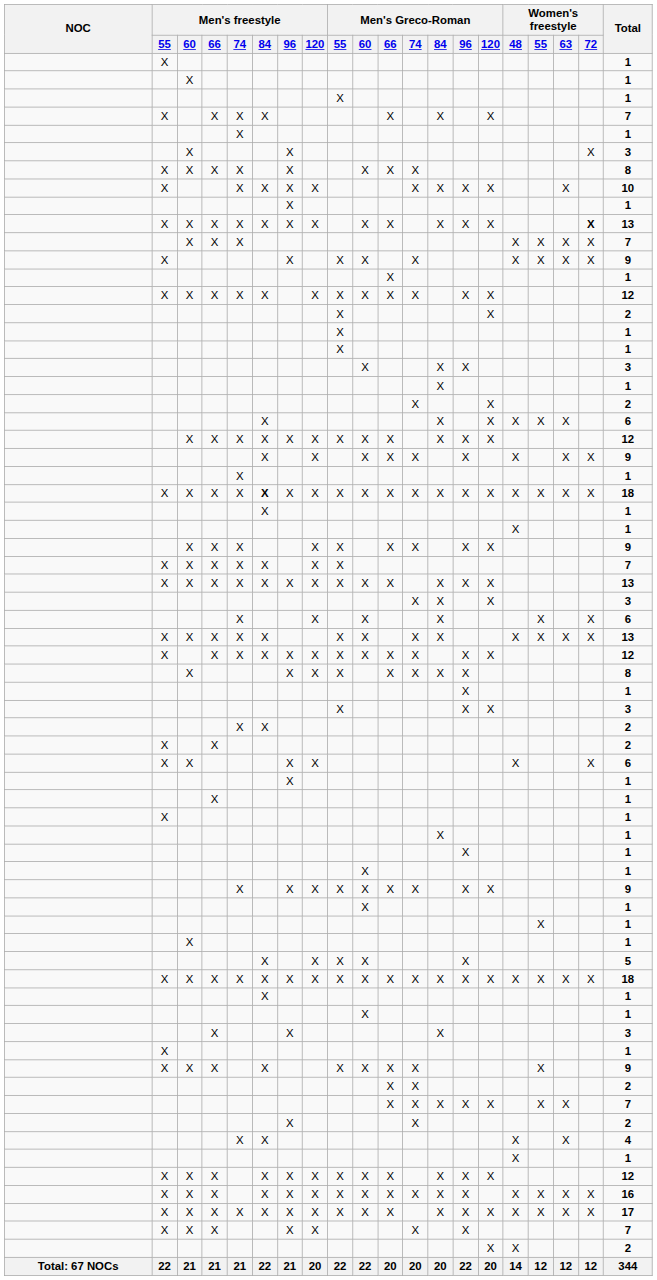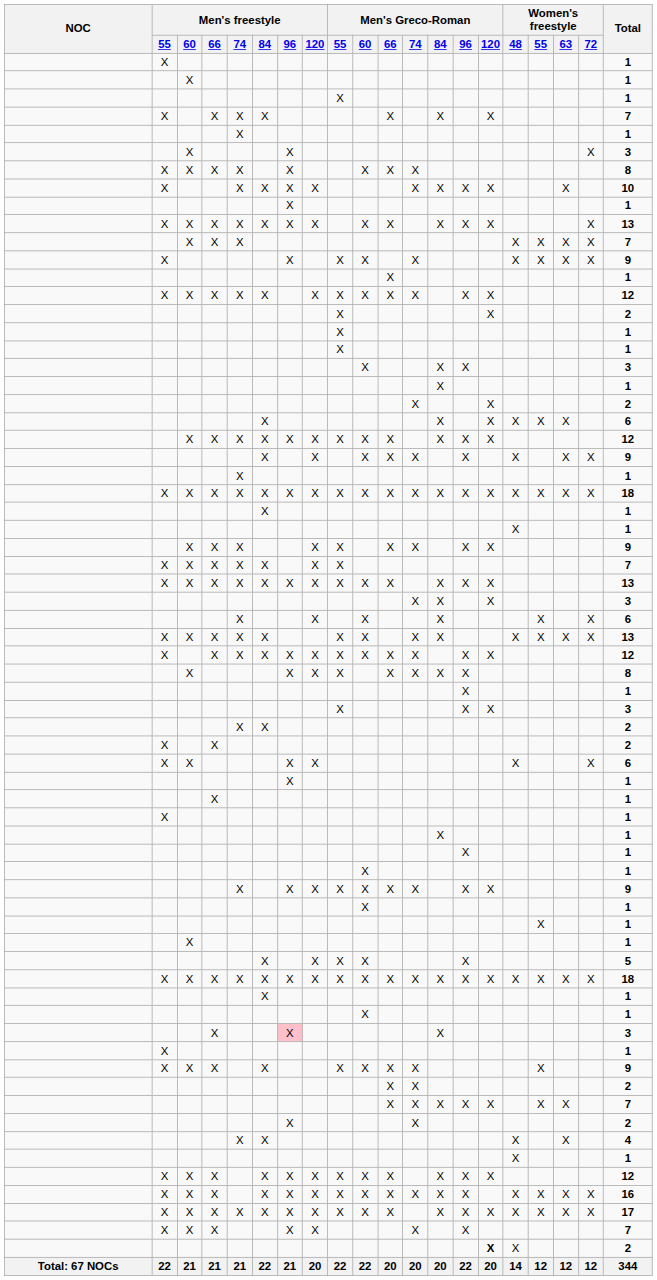 <table class="wikitable" style="text-align:center; font-size:90%">
 <tr>
 <th rowspan="2" width=180 align="left">NOC</th>
 <th colspan="7">Men's freestyle</th>
 <th colspan="7">Men's Greco-Roman</th>
 <th colspan=4>Women's freestyle</th>
 <th ! width=55 rowspan="2">Total</th>
 </tr>
 <tr>
 <th width=25><a href='#'>55</a></th>
 <th width=25><a href='#'>60</a></th>
 <th width=25><a href='#'>66</a></th>
 <th width=25><a href='#'>74</a></th>
 <th width=25><a href='#'>84</a></th>
 <th width=25><a href='#'>96</a></th>
 <th width=25><a href='#'>120</a></th>
 <th width=25><a href='#'>55</a></th>
 <th width=25><a href='#'>60</a></th>
 <th width=25><a href='#'>66</a></th>
 <th width=25><a href='#'>74</a></th>
 <th width=25><a href='#'>84</a></th>
 <th width=25><a href='#'>96</a></th>
 <th width=25><a href='#'>120</a></th>
 <th width=25><a href='#'>48</a></th>
 <th width=25><a href='#'>55</a></th>
 <th width=25><a href='#'>63</a></th>
 <th width=25><a href='#'>72</a></th>
 </tr>
 <tr>
 <td align=left></td>
 <td>X</td>
 <td></td>
 <td></td>
 <td></td>
 <td></td>
 <td></td>
 <td></td>
 <td></td>
 <td></td>
 <td></td>
 <td></td>
 <td></td>
 <td></td>
 <td></td>
 <td></td>
 <td></td>
 <td></td>
 <td></td>
 <td><strong>1</strong></td>
 </tr>
 <tr>
 <td align=left></td>
 <td></td>
 <td>X</td>
 <td></td>
 <td></td>
 <td></td>
 <td></td>
 <td></td>
 <td></td>
 <td></td>
 <td></td>
 <td></td>
 <td></td>
 <td></td>
 <td></td>
 <td></td>
 <td></td>
 <td></td>
 <td></td>
 <td><strong>1</strong></td>
 </tr>
 <tr>
 <td align=left></td>
 <td></td>
 <td></td>
 <td></td>
 <td></td>
 <td></td>
 <td></td>
 <td></td>
 <td>X</td>
 <td></td>
 <td></td>
 <td></td>
 <td></td>
 <td></td>
 <td></td>
 <td></td>
 <td></td>
 <td></td>
 <td></td>
 <td><strong>1</strong></td>
 </tr>
 <tr>
 <td align=left></td>
 <td>X</td>
 <td></td>
 <td>X</td>
 <td>X</td>
 <td>X</td>
 <td></td>
 <td></td>
 <td></td>
 <td></td>
 <td>X</td>
 <td></td>
 <td>X</td>
 <td></td>
 <td>X</td>
 <td></td>
 <td></td>
 <td></td>
 <td></td>
 <td><strong>7</strong></td>
 </tr>
 <tr>
 <td align=left></td>
 <td></td>
 <td></td>
 <td></td>
 <td>X</td>
 <td></td>
 <td></td>
 <td></td>
 <td></td>
 <td></td>
 <td></td>
 <td></td>
 <td></td>
 <td></td>
 <td></td>
 <td></td>
 <td></td>
 <td></td>
 <td></td>
 <td><strong>1</strong></td>
 </tr>
 <tr>
 <td align=left></td>
 <td></td>
 <td>X</td>
 <td></td>
 <td></td>
 <td></td>
 <td>X</td>
 <td></td>
 <td></td>
 <td></td>
 <td></td>
 <td></td>
 <td></td>
 <td></td>
 <td></td>
 <td></td>
 <td></td>
 <td></td>
 <td>X</td>
 <td><strong>3</strong></td>
 </tr>
 <tr>
 <td align=left></td>
 <td>X</td>
 <td>X</td>
 <td>X</td>
 <td>X</td>
 <td></td>
 <td>X</td>
 <td></td>
 <td></td>
 <td>X</td>
 <td>X</td>
 <td>X</td>
 <td></td>
 <td></td>
 <td></td>
 <td></td>
 <td></td>
 <td></td>
 <td></td>
 <td><strong>8</strong></td>
 </tr>
 <tr>
 <td align=left></td>
 <td>X</td>
 <td></td>
 <td></td>
 <td>X</td>
 <td>X</td>
 <td>X</td>
 <td>X</td>
 <td></td>
 <td></td>
 <td></td>
 <td>X</td>
 <td>X</td>
 <td>X</td>
 <td>X</td>
 <td></td>
 <td></td>
 <td>X</td>
 <td></td>
 <td><strong>10</strong></td>
 </tr>
 <tr>
 <td align=left></td>
 <td></td>
 <td></td>
 <td></td>
 <td></td>
 <td></td>
 <td>X</td>
 <td></td>
 <td></td>
 <td></td>
 <td></td>
 <td></td>
 <td></td>
 <td></td>
 <td></td>
 <td></td>
 <td></td>
 <td></td>
 <td></td>
 <td><strong>1</strong></td>
 </tr>
 <tr>
 <td align=left></td>
 <td>X</td>
 <td>X</td>
 <td>X</td>
 <td>X</td>
 <td>X</td>
 <td>X</td>
 <td>X</td>
 <td></td>
 <td>X</td>
 <td>X</td>
 <td></td>
 <td>X</td>
 <td>X</td>
 <td>X</td>
 <td></td>
 <td></td>
 <td></td>
-<td><strong>X</strong></td>
+<td>X</td>
 <td><strong>13</strong></td>
 </tr>
 <tr>
 <td align=left></td>
 <td></td>
 <td>X</td>
 <td>X</td>
 <td>X</td>
 <td></td>
 <td></td>
 <td></td>
 <td></td>
 <td></td>
 <td></td>
 <td></td>
 <td></td>
 <td></td>
 <td></td>
 <td>X</td>
 <td>X</td>
 <td>X</td>
 <td>X</td>
 <td><strong>7</strong></td>
 </tr>
 <tr>
 <td align=left></td>
 <td>X</td>
 <td></td>
 <td></td>
 <td></td>
 <td></td>
 <td>X</td>
 <td></td>
 <td>X</td>
 <td>X</td>
 <td></td>
 <td>X</td>
 <td></td>
 <td></td>
 <td></td>
 <td>X</td>
 <td>X</td>
 <td>X</td>
 <td>X</td>
 <td><strong>9</strong></td>
 </tr>
 <tr>
 <td align=left></td>
 <td></td>
 <td></td>
 <td></td>
 <td></td>
 <td></td>
 <td></td>
 <td></td>
 <td></td>
 <td></td>
 <td>X</td>
 <td></td>
 <td></td>
 <td></td>
 <td></td>
 <td></td>
 <td></td>
 <td></td>
 <td></td>
 <td><strong>1</strong></td>
 </tr>
 <tr>
 <td align=left></td>
 <td>X</td>
 <td>X</td>
 <td>X</td>
 <td>X</td>
 <td>X</td>
 <td></td>
 <td>X</td>
 <td>X</td>
 <td>X</td>
 <td>X</td>
 <td>X</td>
 <td></td>
 <td>X</td>
 <td>X</td>
 <td></td>
 <td></td>
 <td></td>
 <td></td>
 <td><strong>12</strong></td>
 </tr>
 <tr>
 <td align=left></td>
 <td></td>
 <td></td>
 <td></td>
 <td></td>
 <td></td>
 <td></td>
 <td></td>
 <td>X</td>
 <td></td>
 <td></td>
 <td></td>
 <td></td>
 <td></td>
 <td>X</td>
 <td></td>
 <td></td>
 <td></td>
 <td></td>
 <td><strong>2</strong></td>
 </tr>
 <tr>
 <td align=left></td>
 <td></td>
 <td></td>
 <td></td>
 <td></td>
 <td></td>
 <td></td>
 <td></td>
 <td>X</td>
 <td></td>
 <td></td>
 <td></td>
 <td></td>
 <td></td>
 <td></td>
 <td></td>
 <td></td>
 <td></td>
 <td></td>
 <td><strong>1</strong></td>
 </tr>
 <tr>
 <td align=left></td>
 <td></td>
 <td></td>
 <td></td>
 <td></td>
 <td></td>
 <td></td>
 <td></td>
 <td>X</td>
 <td></td>
 <td></td>
 <td></td>
 <td></td>
 <td></td>
 <td></td>
 <td></td>
 <td></td>
 <td></td>
 <td></td>
 <td><strong>1</strong></td>
 </tr>
 <tr>
 <td align=left></td>
 <td></td>
 <td></td>
 <td></td>
 <td></td>
 <td></td>
 <td></td>
 <td></td>
 <td></td>
 <td>X</td>
 <td></td>
 <td></td>
 <td>X</td>
 <td>X</td>
 <td></td>
 <td></td>
 <td></td>
 <td></td>
 <td></td>
 <td><strong>3</strong></td>
 </tr>
 <tr>
 <td align=left></td>
 <td></td>
 <td></td>
 <td></td>
 <td></td>
 <td></td>
 <td></td>
 <td></td>
 <td></td>
 <td></td>
 <td></td>
 <td></td>
 <td>X</td>
 <td></td>
 <td></td>
 <td></td>
 <td></td>
 <td></td>
 <td></td>
 <td><strong>1</strong></td>
 </tr>
 <tr>
 <td align=left></td>
 <td></td>
 <td></td>
 <td></td>
 <td></td>
 <td></td>
 <td></td>
 <td></td>
 <td></td>
 <td></td>
 <td></td>
 <td>X</td>
 <td></td>
 <td></td>
 <td>X</td>
 <td></td>
 <td></td>
 <td></td>
 <td></td>
 <td><strong>2</strong></td>
 </tr>
 <tr>
 <td align=left></td>
 <td></td>
 <td></td>
 <td></td>
 <td></td>
 <td>X</td>
 <td></td>
 <td></td>
 <td></td>
 <td></td>
 <td></td>
 <td></td>
 <td>X</td>
 <td></td>
 <td>X</td>
 <td>X</td>
 <td>X</td>
 <td>X</td>
 <td></td>
 <td><strong>6</strong></td>
 </tr>
 <tr>
 <td align=left></td>
 <td></td>
 <td>X</td>
 <td>X</td>
 <td>X</td>
 <td>X</td>
 <td>X</td>
 <td>X</td>
 <td>X</td>
 <td>X</td>
 <td>X</td>
 <td></td>
 <td>X</td>
 <td>X</td>
 <td>X</td>
 <td></td>
 <td></td>
 <td></td>
 <td></td>
 <td><strong>12</strong></td>
 </tr>
 <tr>
 <td align=left></td>
 <td></td>
 <td></td>
 <td></td>
 <td></td>
 <td>X</td>
 <td></td>
 <td>X</td>
 <td></td>
 <td>X</td>
 <td>X</td>
 <td>X</td>
 <td></td>
 <td>X</td>
 <td></td>
 <td>X</td>
 <td></td>
 <td>X</td>
 <td>X</td>
 <td><strong>9</strong></td>
 </tr>
 <tr>
 <td align=left></td>
 <td></td>
 <td></td>
 <td></td>
 <td>X</td>
 <td></td>
 <td></td>
 <td></td>
 <td></td>
 <td></td>
 <td></td>
 <td></td>
 <td></td>
 <td></td>
 <td></td>
 <td></td>
 <td></td>
 <td></td>
 <td></td>
 <td><strong>1</strong></td>
 </tr>
 <tr>
 <td align=left></td>
 <td>X</td>
 <td>X</td>
 <td>X</td>
 <td>X</td>
-<td><strong>X</strong></td>
+<td>X</td>
 <td>X</td>
 <td>X</td>
 <td>X</td>
 <td>X</td>
 <td>X</td>
 <td>X</td>
 <td>X</td>
 <td>X</td>
 <td>X</td>
 <td>X</td>
 <td>X</td>
 <td>X</td>
 <td>X</td>
 <td><strong>18</strong></td>
 </tr>
 <tr>
 <td align=left></td>
 <td></td>
 <td></td>
 <td></td>
 <td></td>
 <td>X</td>
 <td></td>
 <td></td>
 <td></td>
 <td></td>
 <td></td>
 <td></td>
 <td></td>
 <td></td>
 <td></td>
 <td></td>
 <td></td>
 <td></td>
 <td></td>
 <td><strong>1</strong></td>
 </tr>
 <tr>
 <td align=left></td>
 <td></td>
 <td></td>
 <td></td>
 <td></td>
 <td></td>
 <td></td>
 <td></td>
 <td></td>
 <td></td>
 <td></td>
 <td></td>
 <td></td>
 <td></td>
 <td></td>
 <td>X</td>
 <td></td>
 <td></td>
 <td></td>
 <td><strong>1</strong></td>
 </tr>
 <tr>
 <td align=left></td>
 <td></td>
 <td>X</td>
 <td>X</td>
 <td>X</td>
 <td></td>
 <td></td>
 <td>X</td>
 <td>X</td>
 <td></td>
 <td>X</td>
 <td>X</td>
 <td></td>
 <td>X</td>
 <td>X</td>
 <td></td>
 <td></td>
 <td></td>
 <td></td>
 <td><strong>9</strong></td>
 </tr>
 <tr>
 <td align=left></td>
 <td>X</td>
 <td>X</td>
 <td>X</td>
 <td>X</td>
 <td>X</td>
 <td></td>
 <td>X</td>
 <td>X</td>
 <td></td>
 <td></td>
 <td></td>
 <td></td>
 <td></td>
 <td></td>
 <td></td>
 <td></td>
 <td></td>
 <td></td>
 <td><strong>7</strong></td>
 </tr>
 <tr>
 <td align=left></td>
 <td>X</td>
 <td>X</td>
 <td>X</td>
 <td>X</td>
 <td>X</td>
 <td>X</td>
 <td>X</td>
 <td>X</td>
 <td>X</td>
 <td>X</td>
 <td></td>
 <td>X</td>
 <td>X</td>
 <td>X</td>
 <td></td>
 <td></td>
 <td></td>
 <td></td>
 <td><strong>13</strong></td>
 </tr>
 <tr>
 <td align=left></td>
 <td></td>
 <td></td>
 <td></td>
 <td></td>
 <td></td>
 <td></td>
 <td></td>
 <td></td>
 <td></td>
 <td></td>
 <td>X</td>
 <td>X</td>
 <td></td>
 <td>X</td>
 <td></td>
 <td></td>
 <td></td>
 <td></td>
 <td><strong>3</strong></td>
 </tr>
 <tr>
 <td align=left></td>
 <td></td>
 <td></td>
 <td></td>
 <td>X</td>
 <td></td>
 <td></td>
 <td>X</td>
 <td></td>
 <td>X</td>
 <td></td>
 <td></td>
 <td>X</td>
 <td></td>
 <td></td>
 <td></td>
 <td>X</td>
 <td></td>
 <td>X</td>
 <td><strong>6</strong></td>
 </tr>
 <tr>
 <td align=left></td>
 <td>X</td>
 <td>X</td>
 <td>X</td>
 <td>X</td>
 <td>X</td>
 <td></td>
 <td></td>
 <td>X</td>
 <td>X</td>
 <td></td>
 <td>X</td>
 <td>X</td>
 <td></td>
 <td></td>
 <td>X</td>
 <td>X</td>
 <td>X</td>
 <td>X</td>
 <td><strong>13</strong></td>
 </tr>
 <tr>
 <td align=left></td>
 <td>X</td>
 <td></td>
 <td>X</td>
 <td>X</td>
 <td>X</td>
 <td>X</td>
 <td>X</td>
 <td>X</td>
 <td>X</td>
 <td>X</td>
 <td>X</td>
 <td></td>
 <td>X</td>
 <td>X</td>
 <td></td>
 <td></td>
 <td></td>
 <td></td>
 <td><strong>12</strong></td>
 </tr>
 <tr>
 <td align=left></td>
 <td></td>
 <td>X</td>
 <td></td>
 <td></td>
 <td></td>
 <td>X</td>
 <td>X</td>
 <td>X</td>
 <td></td>
 <td>X</td>
 <td>X</td>
 <td>X</td>
 <td>X</td>
 <td></td>
 <td></td>
 <td></td>
 <td></td>
 <td></td>
 <td><strong>8</strong></td>
 </tr>
 <tr>
 <td align=left></td>
 <td></td>
 <td></td>
 <td></td>
 <td></td>
 <td></td>
 <td></td>
 <td></td>
 <td></td>
 <td></td>
 <td></td>
 <td></td>
 <td></td>
 <td>X</td>
 <td></td>
 <td></td>
 <td></td>
 <td></td>
 <td></td>
 <td><strong>1</strong></td>
 </tr>
 <tr>
 <td align=left></td>
 <td></td>
 <td></td>
 <td></td>
 <td></td>
 <td></td>
 <td></td>
 <td></td>
 <td>X</td>
 <td></td>
 <td></td>
 <td></td>
 <td></td>
 <td>X</td>
 <td>X</td>
 <td></td>
 <td></td>
 <td></td>
 <td></td>
 <td><strong>3</strong></td>
 </tr>
 <tr>
 <td align=left></td>
 <td></td>
 <td></td>
 <td></td>
 <td>X</td>
 <td>X</td>
 <td></td>
 <td></td>
 <td></td>
 <td></td>
 <td></td>
 <td></td>
 <td></td>
 <td></td>
 <td></td>
 <td></td>
 <td></td>
 <td></td>
 <td></td>
 <td><strong>2</strong></td>
 </tr>
 <tr>
 <td align=left></td>
 <td>X</td>
 <td></td>
 <td>X</td>
 <td></td>
 <td></td>
 <td></td>
 <td></td>
 <td></td>
 <td></td>
 <td></td>
 <td></td>
 <td></td>
 <td></td>
 <td></td>
 <td></td>
 <td></td>
 <td></td>
 <td></td>
 <td><strong>2</strong></td>
 </tr>
 <tr>
 <td align=left></td>
 <td>X</td>
 <td>X</td>
 <td></td>
 <td></td>
 <td></td>
 <td>X</td>
 <td>X</td>
 <td></td>
 <td></td>
 <td></td>
 <td></td>
 <td></td>
 <td></td>
 <td></td>
 <td>X</td>
 <td></td>
 <td></td>
 <td>X</td>
 <td><strong>6</strong></td>
 </tr>
 <tr>
 <td align=left></td>
 <td></td>
 <td></td>
 <td></td>
 <td></td>
 <td></td>
 <td>X</td>
 <td></td>
 <td></td>
 <td></td>
 <td></td>
 <td></td>
 <td></td>
 <td></td>
 <td></td>
 <td></td>
 <td></td>
 <td></td>
 <td></td>
 <td><strong>1</strong></td>
 </tr>
 <tr>
 <td align=left></td>
 <td></td>
 <td></td>
 <td>X</td>
 <td></td>
 <td></td>
 <td></td>
 <td></td>
 <td></td>
 <td></td>
 <td></td>
 <td></td>
 <td></td>
 <td></td>
 <td></td>
 <td></td>
 <td></td>
 <td></td>
 <td></td>
 <td><strong>1</strong></td>
 </tr>
 <tr>
 <td align=left></td>
 <td>X</td>
 <td></td>
 <td></td>
 <td></td>
 <td></td>
 <td></td>
 <td></td>
 <td></td>
 <td></td>
 <td></td>
 <td></td>
 <td></td>
 <td></td>
 <td></td>
 <td></td>
 <td></td>
 <td></td>
 <td></td>
 <td><strong>1</strong></td>
 </tr>
 <tr>
 <td align=left></td>
 <td></td>
 <td></td>
 <td></td>
 <td></td>
 <td></td>
 <td></td>
 <td></td>
 <td></td>
 <td></td>
 <td></td>
 <td></td>
 <td>X</td>
 <td></td>
 <td></td>
 <td></td>
 <td></td>
 <td></td>
 <td></td>
 <td><strong>1</strong></td>
 </tr>
 <tr>
 <td align=left></td>
 <td></td>
 <td></td>
 <td></td>
 <td></td>
 <td></td>
 <td></td>
 <td></td>
 <td></td>
 <td></td>
 <td></td>
 <td></td>
 <td></td>
 <td>X</td>
 <td></td>
 <td></td>
 <td></td>
 <td></td>
 <td></td>
 <td><strong>1</strong></td>
 </tr>
 <tr>
 <td align=left></td>
 <td></td>
 <td></td>
 <td></td>
 <td></td>
 <td></td>
 <td></td>
 <td></td>
 <td></td>
 <td>X</td>
 <td></td>
 <td></td>
 <td></td>
 <td></td>
 <td></td>
 <td></td>
 <td></td>
 <td></td>
 <td></td>
 <td><strong>1</strong></td>
 </tr>
 <tr>
 <td align=left></td>
 <td></td>
 <td></td>
 <td></td>
 <td>X</td>
 <td></td>
 <td>X</td>
 <td>X</td>
 <td>X</td>
 <td>X</td>
 <td>X</td>
 <td>X</td>
 <td></td>
 <td>X</td>
 <td>X</td>
 <td></td>
 <td></td>
 <td></td>
 <td></td>
 <td><strong>9</strong></td>
 </tr>
 <tr>
 <td align=left></td>
 <td></td>
 <td></td>
 <td></td>
 <td></td>
 <td></td>
 <td></td>
 <td></td>
 <td></td>
 <td>X</td>
 <td></td>
 <td></td>
 <td></td>
 <td></td>
 <td></td>
 <td></td>
 <td></td>
 <td></td>
 <td></td>
 <td><strong>1</strong></td>
 </tr>
 <tr>
 <td align=left></td>
 <td></td>
 <td></td>
 <td></td>
 <td></td>
 <td></td>
 <td></td>
 <td></td>
 <td></td>
 <td></td>
 <td></td>
 <td></td>
 <td></td>
 <td></td>
 <td></td>
 <td></td>
 <td>X</td>
 <td></td>
 <td></td>
 <td><strong>1</strong></td>
 </tr>
 <tr>
 <td align=left></td>
 <td></td>
 <td>X</td>
 <td></td>
 <td></td>
 <td></td>
 <td></td>
 <td></td>
 <td></td>
 <td></td>
 <td></td>
 <td></td>
 <td></td>
 <td></td>
 <td></td>
 <td></td>
 <td></td>
 <td></td>
 <td></td>
 <td><strong>1</strong></td>
 </tr>
 <tr>
 <td align=left></td>
 <td></td>
 <td></td>
 <td></td>
 <td></td>
 <td>X</td>
 <td></td>
 <td>X</td>
 <td>X</td>
 <td>X</td>
 <td></td>
 <td></td>
 <td></td>
 <td>X</td>
 <td></td>
 <td></td>
 <td></td>
 <td></td>
 <td></td>
 <td><strong>5</strong></td>
 </tr>
 <tr>
 <td align=left></td>
 <td>X</td>
 <td>X</td>
 <td>X</td>
 <td>X</td>
 <td>X</td>
 <td>X</td>
 <td>X</td>
 <td>X</td>
 <td>X</td>
 <td>X</td>
 <td>X</td>
 <td>X</td>
 <td>X</td>
 <td>X</td>
 <td>X</td>
 <td>X</td>
 <td>X</td>
 <td>X</td>
 <td><strong>18</strong></td>
 </tr>
 <tr>
 <td align=left></td>
 <td></td>
 <td></td>
 <td></td>
 <td></td>
 <td>X</td>
 <td></td>
 <td></td>
 <td></td>
 <td></td>
 <td></td>
 <td></td>
 <td></td>
 <td></td>
 <td></td>
 <td></td>
 <td></td>
 <td></td>
 <td></td>
 <td><strong>1</strong></td>
 </tr>
 <tr>
 <td align=left></td>
 <td></td>
 <td></td>
 <td></td>
 <td></td>
 <td></td>
 <td></td>
 <td></td>
 <td></td>
 <td>X</td>
 <td></td>
 <td></td>
 <td></td>
 <td></td>
 <td></td>
 <td></td>
 <td></td>
 <td></td>
 <td></td>
 <td><strong>1</strong></td>
 </tr>
 <tr>
 <td align=left></td>
 <td></td>
 <td></td>
 <td>X</td>
 <td></td>
 <td></td>
-<td>X</td>
+<td style="background: pink;">X</td>
 <td></td>
 <td></td>
 <td></td>
 <td></td>
 <td></td>
 <td>X</td>
 <td></td>
 <td></td>
 <td></td>
 <td></td>
 <td></td>
 <td></td>
 <td><strong>3</strong></td>
 </tr>
 <tr>
 <td align=left></td>
 <td>X</td>
 <td></td>
 <td></td>
 <td></td>
 <td></td>
 <td></td>
 <td></td>
 <td></td>
 <td></td>
 <td></td>
 <td></td>
 <td></td>
 <td></td>
 <td></td>
 <td></td>
 <td></td>
 <td></td>
 <td></td>
 <td><strong>1</strong></td>
 </tr>
 <tr>
 <td align=left></td>
 <td>X</td>
 <td>X</td>
 <td>X</td>
 <td></td>
 <td>X</td>
 <td></td>
 <td></td>
 <td>X</td>
 <td>X</td>
 <td>X</td>
 <td>X</td>
 <td></td>
 <td></td>
 <td></td>
 <td></td>
 <td>X</td>
 <td></td>
 <td></td>
 <td><strong>9</strong></td>
 </tr>
 <tr>
 <td align=left></td>
 <td></td>
 <td></td>
 <td></td>
 <td></td>
 <td></td>
 <td></td>
 <td></td>
 <td></td>
 <td></td>
 <td>X</td>
 <td>X</td>
 <td></td>
 <td></td>
 <td></td>
 <td></td>
 <td></td>
 <td></td>
 <td></td>
 <td><strong>2</strong></td>
 </tr>
 <tr>
 <td align=left></td>
 <td></td>
 <td></td>
 <td></td>
 <td></td>
 <td></td>
 <td></td>
 <td></td>
 <td></td>
 <td></td>
 <td>X</td>
 <td>X</td>
 <td>X</td>
 <td>X</td>
 <td>X</td>
 <td></td>
 <td>X</td>
 <td>X</td>
 <td></td>
 <td><strong>7</strong></td>
 </tr>
 <tr>
 <td align=left></td>
 <td></td>
 <td></td>
 <td></td>
 <td></td>
 <td></td>
 <td>X</td>
 <td></td>
 <td></td>
 <td></td>
 <td></td>
 <td>X</td>
 <td></td>
 <td></td>
 <td></td>
 <td></td>
 <td></td>
 <td></td>
 <td></td>
 <td><strong>2</strong></td>
 </tr>
 <tr>
 <td align=left></td>
 <td></td>
 <td></td>
 <td></td>
 <td>X</td>
 <td>X</td>
 <td></td>
 <td></td>
 <td></td>
 <td></td>
 <td></td>
 <td></td>
 <td></td>
 <td></td>
 <td></td>
 <td>X</td>
 <td></td>
 <td>X</td>
 <td></td>
 <td><strong>4</strong></td>
 </tr>
 <tr>
 <td align=left></td>
 <td></td>
 <td></td>
 <td></td>
 <td></td>
 <td></td>
 <td></td>
 <td></td>
 <td></td>
 <td></td>
 <td></td>
 <td></td>
 <td></td>
 <td></td>
 <td></td>
 <td>X</td>
 <td></td>
 <td></td>
 <td></td>
 <td><strong>1</strong></td>
 </tr>
 <tr>
 <td align=left></td>
 <td>X</td>
 <td>X</td>
 <td>X</td>
 <td></td>
 <td>X</td>
 <td>X</td>
 <td>X</td>
 <td>X</td>
 <td>X</td>
 <td>X</td>
 <td></td>
 <td>X</td>
 <td>X</td>
 <td>X</td>
 <td></td>
 <td></td>
 <td></td>
 <td></td>
 <td><strong>12</strong></td>
 </tr>
 <tr>
 <td align=left></td>
 <td>X</td>
 <td>X</td>
 <td>X</td>
 <td></td>
 <td>X</td>
 <td>X</td>
 <td>X</td>
 <td>X</td>
 <td>X</td>
 <td>X</td>
 <td>X</td>
 <td>X</td>
 <td>X</td>
 <td></td>
 <td>X</td>
 <td>X</td>
 <td>X</td>
 <td>X</td>
 <td><strong>16</strong></td>
 </tr>
 <tr>
 <td align=left></td>
 <td>X</td>
 <td>X</td>
 <td>X</td>
 <td>X</td>
 <td>X</td>
 <td>X</td>
 <td>X</td>
 <td>X</td>
 <td>X</td>
 <td>X</td>
 <td></td>
 <td>X</td>
 <td>X</td>
 <td>X</td>
 <td>X</td>
 <td>X</td>
 <td>X</td>
 <td>X</td>
 <td><strong>17</strong></td>
 </tr>
 <tr>
 <td align=left></td>
 <td>X</td>
 <td>X</td>
 <td>X</td>
 <td></td>
 <td></td>
 <td>X</td>
 <td>X</td>
 <td></td>
 <td></td>
 <td></td>
 <td>X</td>
 <td></td>
 <td>X</td>
 <td></td>
 <td></td>
 <td></td>
 <td></td>
 <td></td>
 <td><strong>7</strong></td>
 </tr>
 <tr>
 <td align=left></td>
 <td></td>
 <td></td>
 <td></td>
 <td></td>
 <td></td>
 <td></td>
 <td></td>
 <td></td>
 <td></td>
 <td></td>
 <td></td>
 <td></td>
 <td></td>
-<td>X</td>
+<td><strong>X</strong></td>
 <td>X</td>
 <td></td>
 <td></td>
 <td></td>
 <td><strong>2</strong></td>
 </tr>
 <tr>
 <th>Total: 67 NOCs</th>
 <th>22</th>
 <th>21</th>
 <th>21</th>
 <th>21</th>
 <th>22</th>
 <th>21</th>
 <th>20</th>
 <th>22</th>
 <th>22</th>
 <th>20</th>
 <th>20</th>
 <th>20</th>
 <th>22</th>
 <th>20</th>
 <th>14</th>
 <th>12</th>
 <th>12</th>
 <th>12</th>
 <th>344</th>
 </tr>
 </table>
